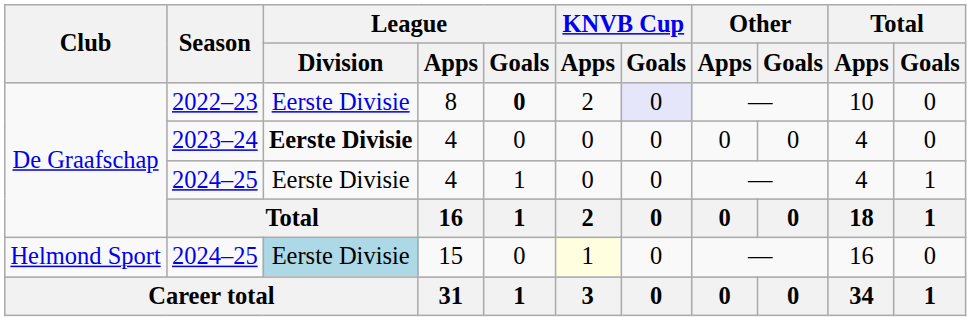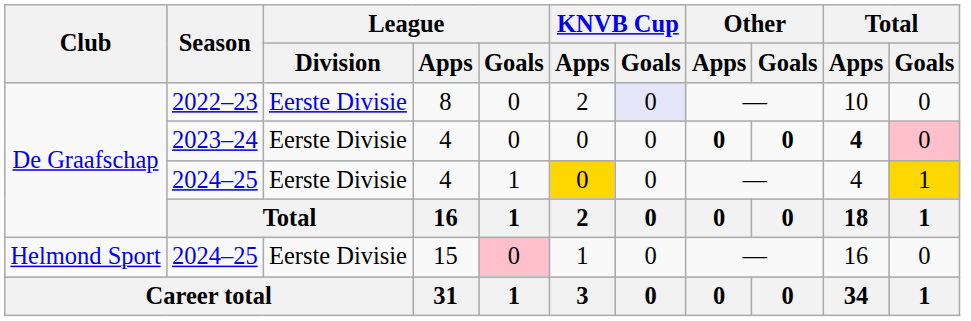 <table class="wikitable" style="text-align:center">
 <tr>
 <th rowspan="2">Club</th>
 <th rowspan="2">Season</th>
 <th colspan="3">League</th>
 <th colspan="2"><a href='#'>KNVB Cup</a></th>
 <th colspan="2">Other</th>
 <th colspan="2">Total</th>
 </tr>
 <tr>
 <th>Division</th>
 <th>Apps</th>
 <th>Goals</th>
 <th>Apps</th>
 <th>Goals</th>
 <th>Apps</th>
 <th>Goals</th>
 <th>Apps</th>
 <th>Goals</th>
 </tr>
 <tr>
 <td rowspan="4"><a href='#'>De Graafschap</a></td>
 <td><a href='#'>2022–23</a></td>
 <td><a href='#'>Eerste Divisie</a></td>
 <td>8</td>
-<td><strong>0</strong></td>
+<td>0</td>
 <td>2</td>
 <td style="background: lavender;">0</td>
 <td colspan="2">—</td>
 <td>10</td>
 <td>0</td>
 </tr>
 <tr>
 <td><a href='#'>2023–24</a></td>
-<td><strong>Eerste Divisie</strong></td>
+<td>Eerste Divisie</td>
 <td>4</td>
 <td>0</td>
 <td>0</td>
 <td>0</td>
-<td>0</td>
-<td>0</td>
-<td>4</td>
-<td>0</td>
+<td><strong>0</strong></td>
+<td><strong>0</strong></td>
+<td><strong>4</strong></td>
+<td style="background: pink;">0</td>
 </tr>
 <tr>
 <td><a href='#'>2024–25</a></td>
 <td>Eerste Divisie</td>
 <td>4</td>
 <td>1</td>
-<td>0</td>
+<td style="background: gold;">0</td>
 <td>0</td>
 <td colspan="2">—</td>
 <td>4</td>
-<td>1</td>
+<td style="background: gold;">1</td>
 </tr>
 <tr>
 <th colspan="2">Total</th>
 <th>16</th>
 <th>1</th>
 <th>2</th>
 <th>0</th>
 <th>0</th>
 <th>0</th>
 <th>18</th>
 <th>1</th>
 </tr>
 <tr>
 <td rowspan="1"><a href='#'>Helmond Sport</a></td>
 <td><a href='#'>2024–25</a></td>
-<td style="background: lightblue;">Eerste Divisie</td>
+<td>Eerste Divisie</td>
 <td>15</td>
-<td>0</td>
-<td style="background: lightyellow;">1</td>
+<td style="background: pink;">0</td>
+<td>1</td>
 <td>0</td>
 <td colspan="2">—</td>
 <td>16</td>
 <td>0</td>
 </tr>
 <tr>
 <th colspan="3">Career total</th>
 <th>31</th>
 <th>1</th>
 <th>3</th>
 <th>0</th>
 <th>0</th>
 <th>0</th>
 <th>34</th>
 <th>1</th>
 </tr>
 </table>
